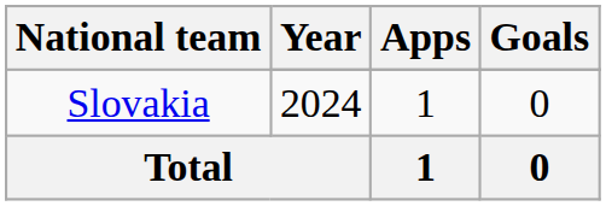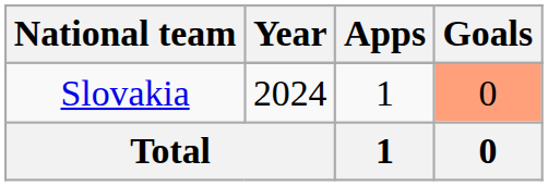 <table class="wikitable" style="text-align:center">
 <tr>
 <th>National team</th>
 <th>Year</th>
 <th>Apps</th>
 <th>Goals</th>
 </tr>
 <tr>
 <td rowspan=2><a href='#'>Slovakia</a></td>
 </tr>
 <tr>
 <td>2024</td>
 <td>1</td>
-<td>0</td>
+<td style="background: lightsalmon;">0</td>
 </tr>
 <tr>
 <th colspan="2">Total</th>
 <th>1</th>
 <th>0</th>
 </tr>
 </table>
